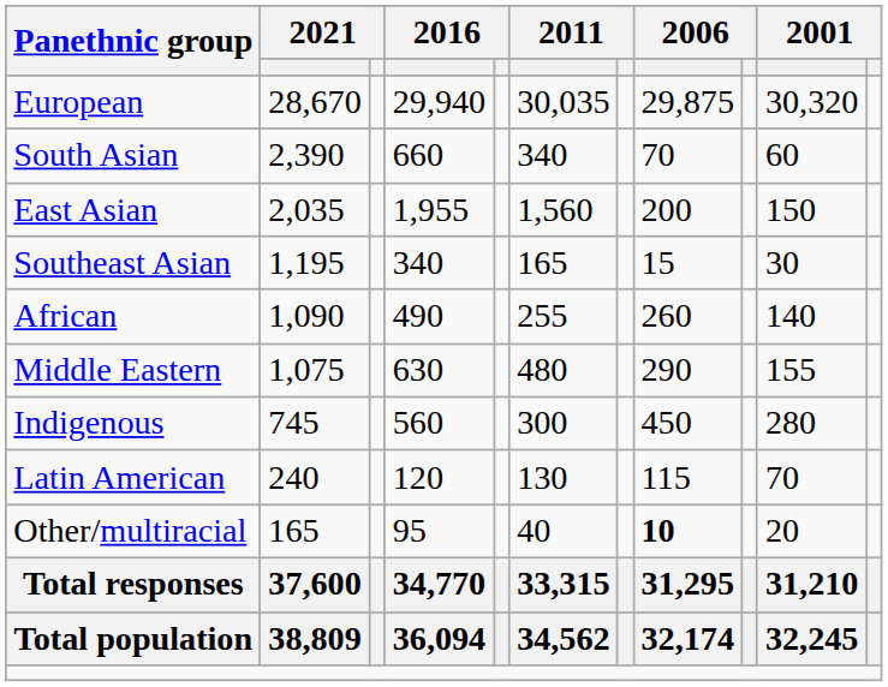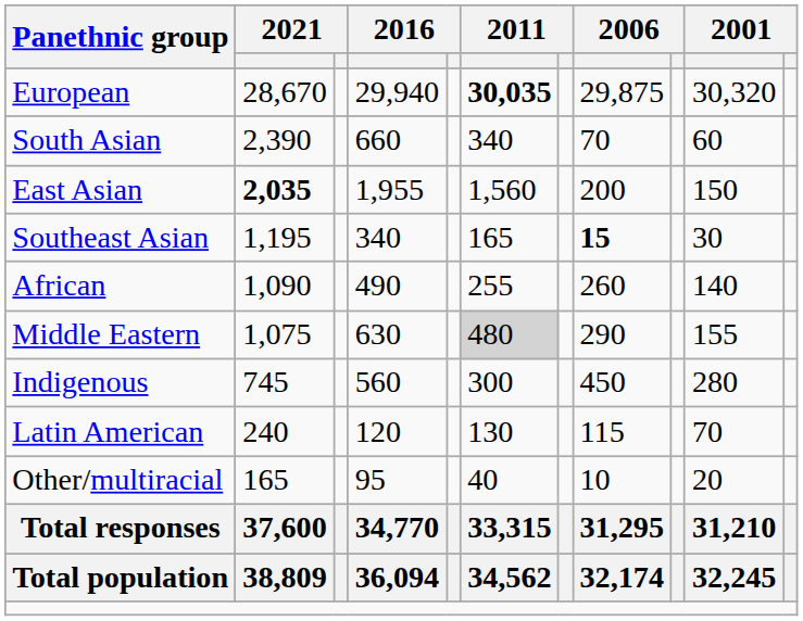 <table class="wikitable collapsible sortable">
 <tr>
 <th rowspan="2"><a href='#'>Panethnic</a> group</th>
 <th colspan="2">2021</th>
 <th colspan="2">2016</th>
 <th colspan="2">2011</th>
 <th colspan="2">2006</th>
 <th colspan="2">2001</th>
 </tr>
 <tr>
 <th><a href='#'></a></th>
 <th></th>
 <th></th>
 <th></th>
 <th></th>
 <th></th>
 <th></th>
 <th></th>
 <th></th>
 <th></th>
 </tr>
 <tr>
 <td><a href='#'>European</a></td>
 <td>28,670</td>
 <td></td>
 <td>29,940</td>
 <td></td>
-<td>30,035</td>
+<td><strong>30,035</strong></td>
 <td></td>
 <td>29,875</td>
 <td></td>
 <td>30,320</td>
 <td></td>
 </tr>
 <tr>
 <td><a href='#'>South Asian</a></td>
 <td>2,390</td>
 <td></td>
 <td>660</td>
 <td></td>
 <td>340</td>
 <td></td>
 <td>70</td>
 <td></td>
 <td>60</td>
 <td></td>
 </tr>
 <tr>
 <td><a href='#'>East Asian</a></td>
-<td>2,035</td>
+<td><strong>2,035</strong></td>
 <td></td>
 <td>1,955</td>
 <td></td>
 <td>1,560</td>
 <td></td>
 <td>200</td>
 <td></td>
 <td>150</td>
 <td></td>
 </tr>
 <tr>
 <td><a href='#'>Southeast Asian</a></td>
 <td>1,195</td>
 <td></td>
 <td>340</td>
 <td></td>
 <td>165</td>
 <td></td>
-<td>15</td>
+<td><strong>15</strong></td>
 <td></td>
 <td>30</td>
 <td></td>
 </tr>
 <tr>
 <td><a href='#'>African</a></td>
 <td>1,090</td>
 <td></td>
 <td>490</td>
 <td></td>
 <td>255</td>
 <td></td>
 <td>260</td>
 <td></td>
 <td>140</td>
 <td></td>
 </tr>
 <tr>
 <td><a href='#'>Middle Eastern</a></td>
 <td>1,075</td>
 <td></td>
 <td>630</td>
 <td></td>
-<td>480</td>
+<td style="background: lightgrey;">480</td>
 <td></td>
 <td>290</td>
 <td></td>
 <td>155</td>
 <td></td>
 </tr>
 <tr>
 <td><a href='#'>Indigenous</a></td>
 <td>745</td>
 <td></td>
 <td>560</td>
 <td></td>
 <td>300</td>
 <td></td>
 <td>450</td>
 <td></td>
 <td>280</td>
 <td></td>
 </tr>
 <tr>
 <td><a href='#'>Latin American</a></td>
 <td>240</td>
 <td></td>
 <td>120</td>
 <td></td>
 <td>130</td>
 <td></td>
 <td>115</td>
 <td></td>
 <td>70</td>
 <td></td>
 </tr>
 <tr>
 <td>Other/<a href='#'>multiracial</a></td>
 <td>165</td>
 <td></td>
 <td>95</td>
 <td></td>
 <td>40</td>
 <td></td>
-<td><strong>10</strong></td>
+<td>10</td>
 <td></td>
 <td>20</td>
 <td></td>
 </tr>
 <tr>
 <th>Total responses</th>
 <th>37,600</th>
 <th></th>
 <th>34,770</th>
 <th></th>
 <th>33,315</th>
 <th></th>
 <th>31,295</th>
 <th></th>
 <th>31,210</th>
 <th></th>
 </tr>
 <tr class="sortbottom">
 <th>Total population</th>
 <th>38,809</th>
 <th></th>
 <th>36,094</th>
 <th></th>
 <th>34,562</th>
 <th></th>
 <th>32,174</th>
 <th></th>
 <th>32,245</th>
 <th></th>
 </tr>
 <tr class="sortbottom">
 <td colspan="11"></td>
 </tr>
 </table>
